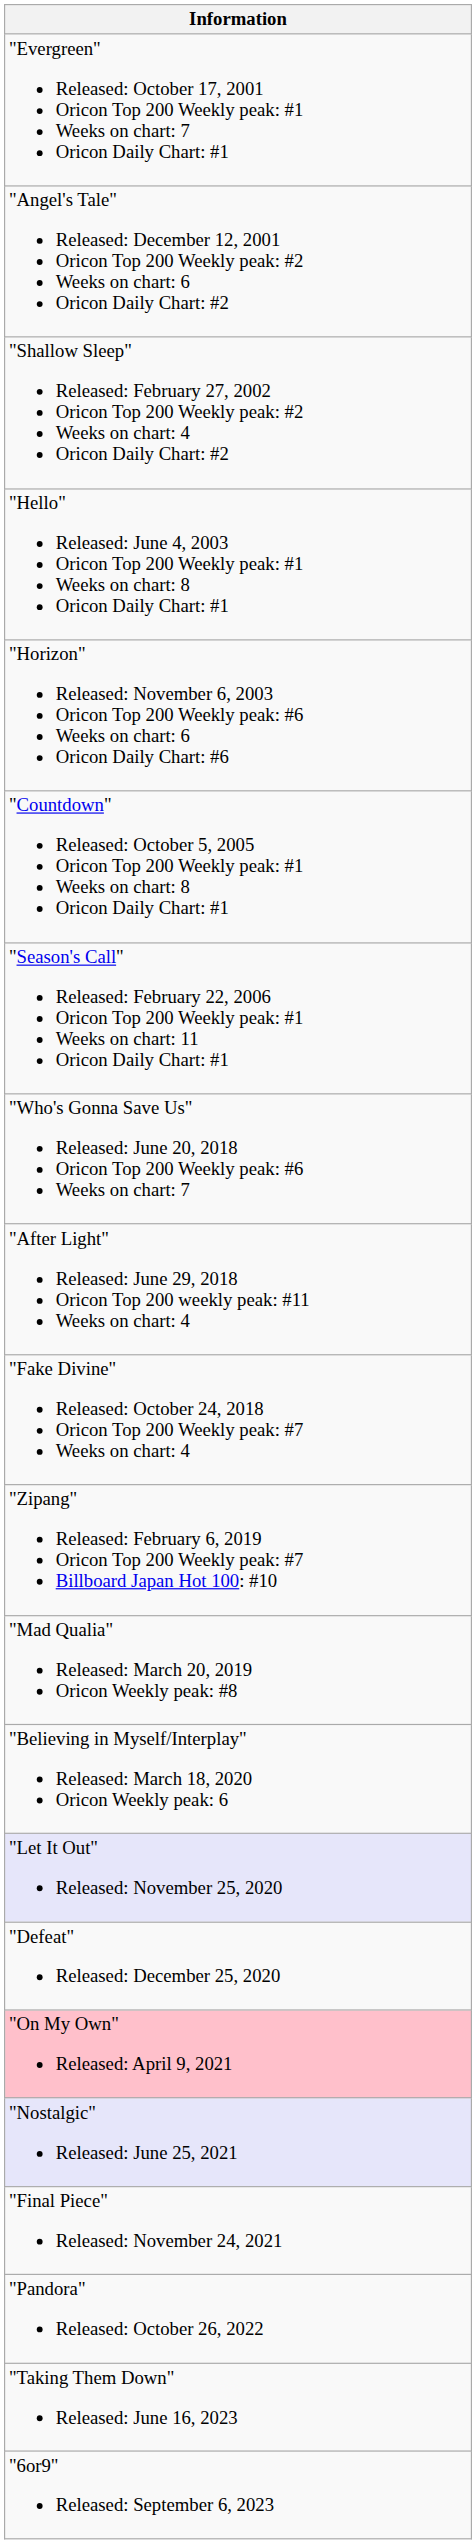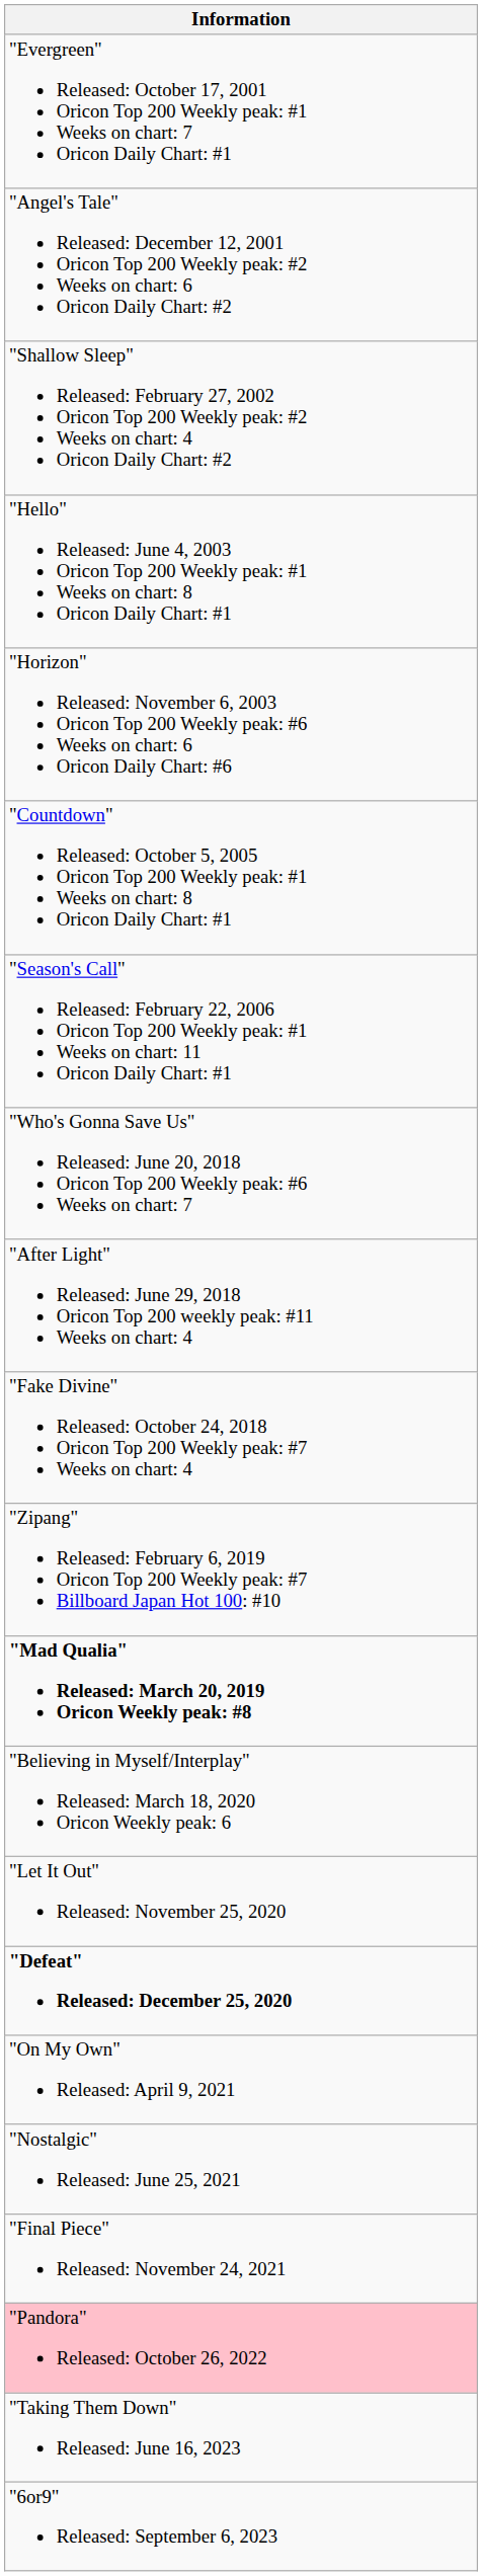 <table width="400" class="wikitable">
 <tr>
 <th scope="col">Information</th>
 </tr>
 <tr>
 <td align="left">"Evergreen"<br><ul><li>Released: October 17, 2001</li><li>Oricon Top 200 Weekly peak: #1</li><li>Weeks on chart: 7</li><li>Oricon Daily Chart: #1</li></ul></td>
 </tr>
 <tr>
 <td align="left">"Angel's Tale"<br><ul><li>Released: December 12, 2001</li><li>Oricon Top 200 Weekly peak: #2</li><li>Weeks on chart: 6</li><li>Oricon Daily Chart: #2</li></ul></td>
 </tr>
 <tr>
 <td align="left">"Shallow Sleep"<br><ul><li>Released: February 27, 2002</li><li>Oricon Top 200 Weekly peak: #2</li><li>Weeks on chart: 4</li><li>Oricon Daily Chart: #2</li></ul></td>
 </tr>
 <tr>
 <td align="left">"Hello"<br><ul><li>Released: June 4, 2003</li><li>Oricon Top 200 Weekly peak: #1</li><li>Weeks on chart: 8</li><li>Oricon Daily Chart: #1</li></ul></td>
 </tr>
 <tr>
 <td align="left">"Horizon"<br><ul><li>Released: November 6, 2003</li><li>Oricon Top 200 Weekly peak: #6</li><li>Weeks on chart: 6</li><li>Oricon Daily Chart: #6</li></ul></td>
 </tr>
 <tr>
 <td align="left">"<a href='#'>Countdown</a>"<br><ul><li>Released: October 5, 2005</li><li>Oricon Top 200 Weekly peak: #1</li><li>Weeks on chart: 8</li><li>Oricon Daily Chart: #1</li></ul></td>
 </tr>
 <tr>
 <td align="left">"<a href='#'>Season's Call</a>"<br><ul><li>Released: February 22, 2006</li><li>Oricon Top 200 Weekly peak: #1</li><li>Weeks on chart: 11</li><li>Oricon Daily Chart: #1</li></ul></td>
 </tr>
 <tr>
 <td align="left">"Who's Gonna Save Us"<br><ul><li>Released: June 20, 2018</li><li>Oricon Top 200 Weekly peak: #6</li><li>Weeks on chart: 7</li></ul></td>
 </tr>
 <tr>
 <td align="left">"After Light"<br><ul><li>Released: June 29, 2018</li><li>Oricon Top 200 weekly peak: #11</li><li>Weeks on chart: 4</li></ul></td>
 </tr>
 <tr>
 <td align="left">"Fake Divine"<br><ul><li>Released: October 24, 2018</li><li>Oricon Top 200 Weekly peak: #7</li><li>Weeks on chart: 4</li></ul></td>
 </tr>
 <tr>
 <td align="left">"Zipang"<br><ul><li>Released: February 6, 2019</li><li>Oricon Top 200 Weekly peak: #7</li><li><a href='#'>Billboard Japan Hot 100</a>: #10</li></ul></td>
 </tr>
 <tr>
-<td align="left">"Mad Qualia"<br><ul><li>Released: March 20, 2019</li><li>Oricon Weekly peak: #8</li></ul></td>
+<td align="left"><strong>"Mad Qualia"<br><ul><li>Released: March 20, 2019</li><li>Oricon Weekly peak: #8</li></ul></strong></td>
 </tr>
 <tr>
 <td align="left">"Believing in Myself/Interplay"<br><ul><li>Released: March 18, 2020</li><li>Oricon Weekly peak: 6</li></ul></td>
 </tr>
 <tr>
-<td align="left" style="background: lavender;">"Let It Out"<br><ul><li>Released: November 25, 2020</li></ul></td>
+<td align="left">"Let It Out"<br><ul><li>Released: November 25, 2020</li></ul></td>
 </tr>
 <tr>
-<td align="left">"Defeat"<br><ul><li>Released: December 25, 2020</li></ul></td>
+<td align="left"><strong>"Defeat"<br><ul><li>Released: December 25, 2020</li></ul></strong></td>
 </tr>
 <tr>
-<td align="left" style="background: pink;">"On My Own"<br><ul><li>Released: April 9, 2021</li></ul></td>
+<td align="left">"On My Own"<br><ul><li>Released: April 9, 2021</li></ul></td>
 </tr>
 <tr>
-<td align="left" style="background: lavender;">"Nostalgic"<br><ul><li>Released: June 25, 2021</li></ul></td>
+<td align="left">"Nostalgic"<br><ul><li>Released: June 25, 2021</li></ul></td>
 </tr>
 <tr>
 <td align="left">"Final Piece"<br><ul><li>Released: November 24, 2021</li></ul></td>
 </tr>
 <tr>
-<td align="left">"Pandora"<br><ul><li>Released: October 26, 2022</li></ul></td>
+<td align="left" style="background: pink;">"Pandora"<br><ul><li>Released: October 26, 2022</li></ul></td>
 </tr>
 <tr>
 <td align="left">"Taking Them Down"<br><ul><li>Released: June 16, 2023</li></ul></td>
 </tr>
 <tr>
 <td align="left">"6or9"<br><ul><li>Released: September 6, 2023</li></ul></td>
 </tr>
 </table>
